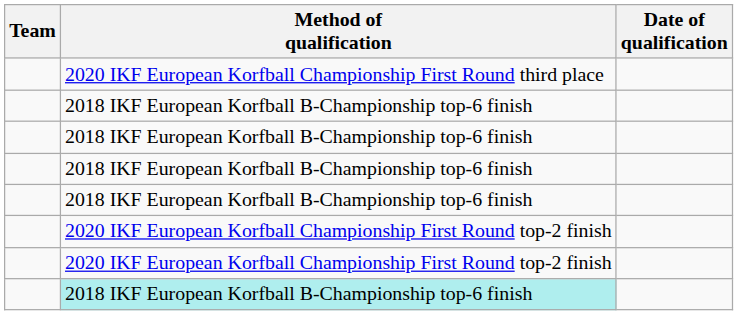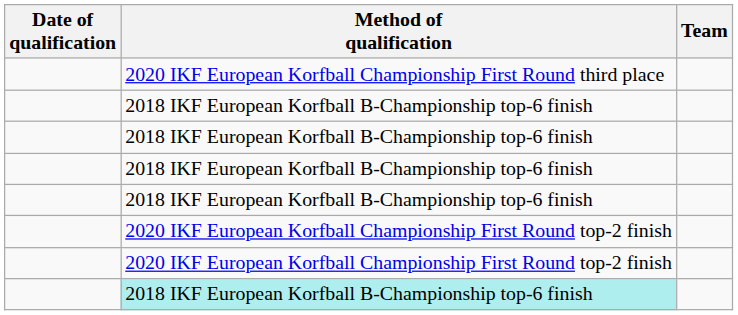 <table class="wikitable sortable" style="text-align: left;">
 <tr>
+<th>Date of<br>qualification</th>
+<th>Method of<br>qualification</th>
 <th>Team</th>
-<th>Method of<br>qualification</th>
-<th>Date of<br>qualification</th>
 </tr>
 <tr>
 <td></td>
 <td><a href='#'>2020 IKF European Korfball Championship First Round</a> third place</td>
 <td></td>
 </tr>
 <tr>
 <td></td>
 <td>2018 IKF European Korfball B-Championship top-6 finish</td>
 <td></td>
 </tr>
 <tr>
 <td></td>
 <td>2018 IKF European Korfball B-Championship top-6 finish</td>
 <td></td>
 </tr>
 <tr>
 <td></td>
 <td>2018 IKF European Korfball B-Championship top-6 finish</td>
 <td></td>
 </tr>
 <tr>
 <td></td>
 <td>2018 IKF European Korfball B-Championship top-6 finish</td>
 <td></td>
 </tr>
 <tr>
 <td></td>
 <td><a href='#'>2020 IKF European Korfball Championship First Round</a> top-2 finish</td>
 <td></td>
 </tr>
 <tr>
 <td></td>
 <td><a href='#'>2020 IKF European Korfball Championship First Round</a> top-2 finish</td>
 <td></td>
 </tr>
 <tr>
 <td></td>
 <td style="background: paleturquoise;">2018 IKF European Korfball B-Championship top-6 finish</td>
 <td></td>
 </tr>
 </table>
